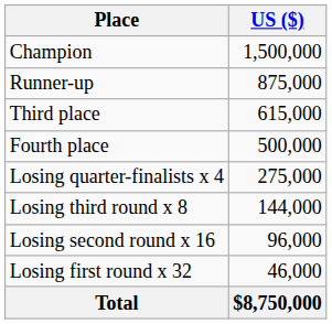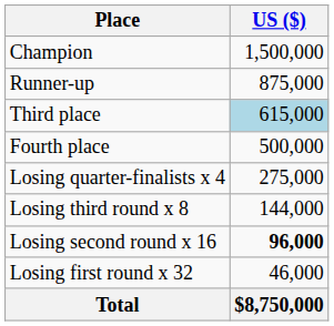 <table class="wikitable">
 <tr>
 <th>Place</th>
 <th><a href='#'>US ($)</a></th>
 </tr>
 <tr>
 <td>Champion</td>
 <td align=right>1,500,000</td>
 </tr>
 <tr>
 <td>Runner-up</td>
 <td align=right>875,000</td>
 </tr>
 <tr>
 <td>Third place</td>
-<td align=right>615,000</td>
+<td align=right style="background: lightblue;">615,000</td>
 </tr>
 <tr>
 <td>Fourth place</td>
 <td align=right>500,000</td>
 </tr>
 <tr>
 <td>Losing quarter-finalists x 4</td>
 <td align=right>275,000</td>
 </tr>
 <tr>
 <td>Losing third round x 8</td>
 <td align=right>144,000</td>
 </tr>
 <tr>
 <td>Losing second round x 16</td>
-<td align=right>96,000</td>
+<td align=right><strong>96,000</strong></td>
 </tr>
 <tr>
 <td>Losing first round x 32</td>
 <td align=right>46,000</td>
 </tr>
 <tr>
 <th>Total</th>
 <th>$8,750,000</th>
 </tr>
 </table>
